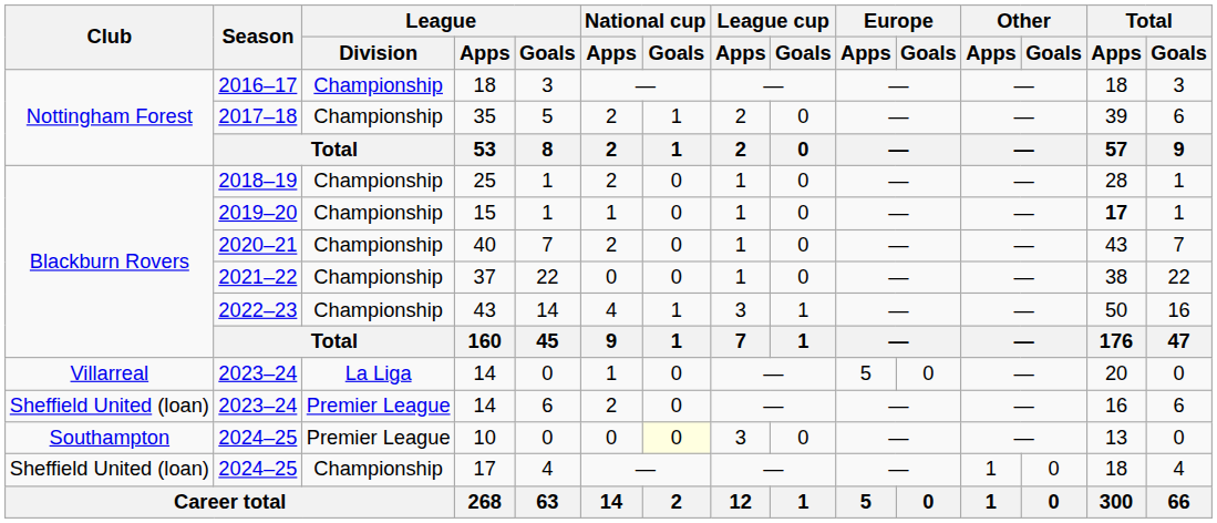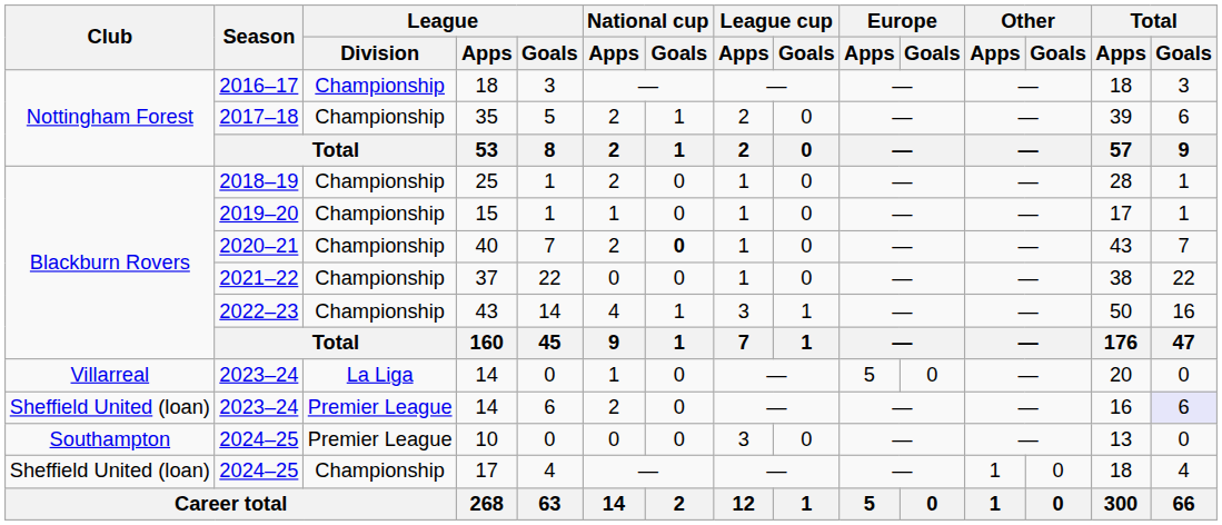 <table class=wikitable style="text-align:center">
 <tr>
 <th rowspan="2">Club</th>
 <th rowspan="2">Season</th>
 <th colspan="3">League</th>
 <th colspan="2">National cup</th>
 <th colspan="2">League cup</th>
 <th colspan="2">Europe</th>
 <th colspan="2">Other</th>
 <th colspan="2">Total</th>
 </tr>
 <tr>
 <th>Division</th>
 <th>Apps</th>
 <th>Goals</th>
 <th>Apps</th>
 <th>Goals</th>
 <th>Apps</th>
 <th>Goals</th>
 <th>Apps</th>
 <th>Goals</th>
 <th>Apps</th>
 <th>Goals</th>
 <th>Apps</th>
 <th>Goals</th>
 </tr>
 <tr>
 <td rowspan="3"><a href='#'>Nottingham Forest</a></td>
 <td><a href='#'>2016–17</a></td>
 <td><a href='#'>Championship</a></td>
 <td>18</td>
 <td>3</td>
 <td colspan="2">—</td>
 <td colspan="2">—</td>
 <td colspan="2">—</td>
 <td colspan="2">—</td>
 <td>18</td>
 <td>3</td>
 </tr>
 <tr>
 <td><a href='#'>2017–18</a></td>
 <td>Championship</td>
 <td>35</td>
 <td>5</td>
 <td>2</td>
 <td>1</td>
 <td>2</td>
 <td>0</td>
 <td colspan="2">—</td>
 <td colspan="2">—</td>
 <td>39</td>
 <td>6</td>
 </tr>
 <tr>
 <th colspan="2">Total</th>
 <th>53</th>
 <th>8</th>
 <th>2</th>
 <th>1</th>
 <th>2</th>
 <th>0</th>
 <th colspan="2">—</th>
 <th colspan="2">—</th>
 <th>57</th>
 <th>9</th>
 </tr>
 <tr>
 <td rowspan="6"><a href='#'>Blackburn Rovers</a></td>
 <td><a href='#'>2018–19</a></td>
 <td>Championship</td>
 <td>25</td>
 <td>1</td>
 <td>2</td>
 <td>0</td>
 <td>1</td>
 <td>0</td>
 <td colspan="2">—</td>
 <td colspan="2">—</td>
 <td>28</td>
 <td>1</td>
 </tr>
 <tr>
 <td><a href='#'>2019–20</a></td>
 <td>Championship</td>
 <td>15</td>
 <td>1</td>
 <td>1</td>
 <td>0</td>
 <td>1</td>
 <td>0</td>
 <td colspan="2">—</td>
 <td colspan="2">—</td>
-<td><strong>17</strong></td>
+<td>17</td>
 <td>1</td>
 </tr>
 <tr>
 <td><a href='#'>2020–21</a></td>
 <td>Championship</td>
 <td>40</td>
 <td>7</td>
 <td>2</td>
-<td>0</td>
+<td><strong>0</strong></td>
 <td>1</td>
 <td>0</td>
 <td colspan="2">—</td>
 <td colspan="2">—</td>
 <td>43</td>
 <td>7</td>
 </tr>
 <tr>
 <td><a href='#'>2021–22</a></td>
 <td>Championship</td>
 <td>37</td>
 <td>22</td>
 <td>0</td>
 <td>0</td>
 <td>1</td>
 <td>0</td>
 <td colspan="2">—</td>
 <td colspan="2">—</td>
 <td>38</td>
 <td>22</td>
 </tr>
 <tr>
 <td><a href='#'>2022–23</a></td>
 <td>Championship</td>
 <td>43</td>
 <td>14</td>
 <td>4</td>
 <td>1</td>
 <td>3</td>
 <td>1</td>
 <td colspan="2">—</td>
 <td colspan="2">—</td>
 <td>50</td>
 <td>16</td>
 </tr>
 <tr>
 <th colspan="2">Total</th>
 <th>160</th>
 <th>45</th>
 <th>9</th>
 <th>1</th>
 <th>7</th>
 <th>1</th>
 <th colspan="2">—</th>
 <th colspan="2">—</th>
 <th>176</th>
 <th>47</th>
 </tr>
 <tr>
 <td><a href='#'>Villarreal</a></td>
 <td><a href='#'>2023–24</a></td>
 <td><a href='#'>La Liga</a></td>
 <td>14</td>
 <td>0</td>
 <td>1</td>
 <td>0</td>
 <td colspan="2">—</td>
 <td>5</td>
 <td>0</td>
 <td colspan="2">—</td>
 <td>20</td>
 <td>0</td>
 </tr>
 <tr>
 <td><a href='#'>Sheffield United</a> (loan)</td>
 <td><a href='#'>2023–24</a></td>
 <td><a href='#'>Premier League</a></td>
 <td>14</td>
 <td>6</td>
 <td>2</td>
 <td>0</td>
 <td colspan="2">—</td>
 <td colspan="2">—</td>
 <td colspan="2">—</td>
 <td>16</td>
-<td>6</td>
+<td style="background: lavender;">6</td>
 </tr>
 <tr>
 <td><a href='#'>Southampton</a></td>
 <td><a href='#'>2024–25</a></td>
 <td>Premier League</td>
 <td>10</td>
 <td>0</td>
 <td>0</td>
-<td style="background: lightyellow;">0</td>
+<td>0</td>
 <td>3</td>
 <td>0</td>
 <td colspan="2">—</td>
 <td colspan="2">—</td>
 <td>13</td>
 <td>0</td>
 </tr>
 <tr>
 <td>Sheffield United (loan)</td>
 <td><a href='#'>2024–25</a></td>
 <td>Championship</td>
 <td>17</td>
 <td>4</td>
 <td colspan="2">—</td>
 <td colspan="2">—</td>
 <td colspan="2">—</td>
 <td>1</td>
 <td>0</td>
 <td>18</td>
 <td>4</td>
 </tr>
 <tr>
 <th colspan="3">Career total</th>
 <th>268</th>
 <th>63</th>
 <th>14</th>
 <th>2</th>
 <th>12</th>
 <th>1</th>
 <th>5</th>
 <th>0</th>
 <th>1</th>
 <th>0</th>
 <th>300</th>
 <th>66</th>
 </tr>
 </table>
